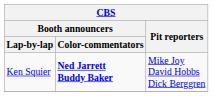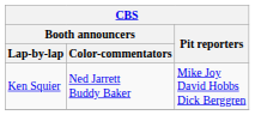 <table class="wikitable" style="font-size: 95%">
 <tr>
 <th colspan=3><a href='#'>CBS</a></th>
 </tr>
 <tr>
 <th colspan=2>Booth announcers</th>
 <th rowspan=2>Pit reporters</th>
 </tr>
 <tr>
 <th><strong>Lap-by-lap</strong></th>
 <th><strong>Color-commentators</strong></th>
 </tr>
 <tr>
 <td><a href='#'>Ken Squier</a></td>
-<td><strong><a href='#'>Ned Jarrett</a> <br> <a href='#'>Buddy Baker</a></strong></td>
+<td><a href='#'>Ned Jarrett</a> <br> <a href='#'>Buddy Baker</a></td>
 <td><a href='#'>Mike Joy</a> <br> <a href='#'>David Hobbs</a> <br> <a href='#'>Dick Berggren</a></td>
 </tr>
 <tr>
 </tr>
 </table>
